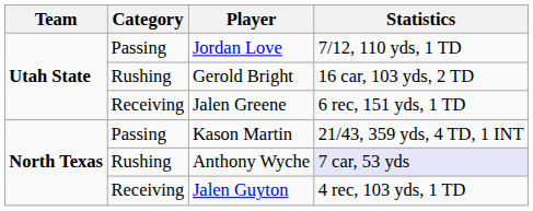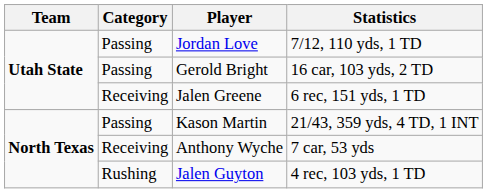 <table class="wikitable">
 <tr>
 <th>Team</th>
 <th>Category</th>
 <th>Player</th>
 <th>Statistics</th>
 </tr>
 <tr>
 <td rowspan=3><strong>Utah State</strong></td>
 <td>Passing</td>
 <td><a href='#'>Jordan Love</a></td>
 <td>7/12, 110 yds, 1 TD</td>
 </tr>
 <tr>
-<td>Rushing</td>
+<td>Passing</td>
 <td>Gerold Bright</td>
 <td>16 car, 103 yds, 2 TD</td>
 </tr>
 <tr>
 <td>Receiving</td>
 <td>Jalen Greene</td>
 <td>6 rec, 151 yds, 1 TD</td>
 </tr>
 <tr>
 <td rowspan=3><strong>North Texas</strong></td>
 <td>Passing</td>
 <td>Kason Martin</td>
 <td>21/43, 359 yds, 4 TD, 1 INT</td>
 </tr>
 <tr>
-<td>Rushing</td>
+<td>Receiving</td>
 <td>Anthony Wyche</td>
-<td style="background: lavender;">7 car, 53 yds</td>
+<td>7 car, 53 yds</td>
 </tr>
 <tr>
-<td>Receiving</td>
+<td>Rushing</td>
 <td><a href='#'>Jalen Guyton</a></td>
 <td>4 rec, 103 yds, 1 TD</td>
 </tr>
 </table>
